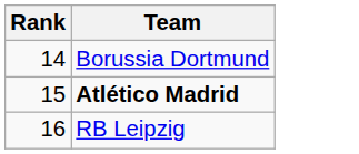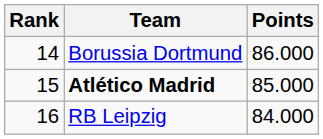 <table class="wikitable" style="text-align: right; text-size: 120%;">
 <tr>
 <th>Rank</th>
 <th>Team</th>
+<th>Points</th>
 </tr>
 <tr>
 <td>14</td>
 <td align=left> <a href='#'>Borussia Dortmund</a></td>
+<td>86.000</td>
 </tr>
 <tr>
 <td>15</td>
 <td align=left> <strong>Atlético Madrid</strong></td>
+<td>85.000</td>
 </tr>
 <tr>
 <td>16</td>
 <td align=left> <a href='#'>RB Leipzig</a></td>
+<td>84.000</td>
 </tr>
 </table>
